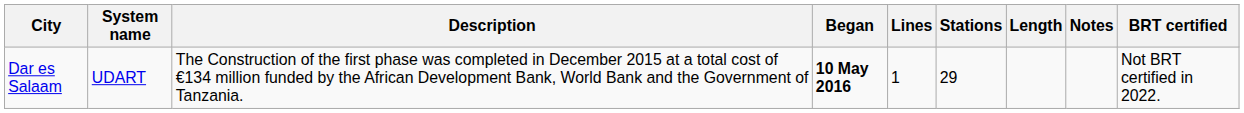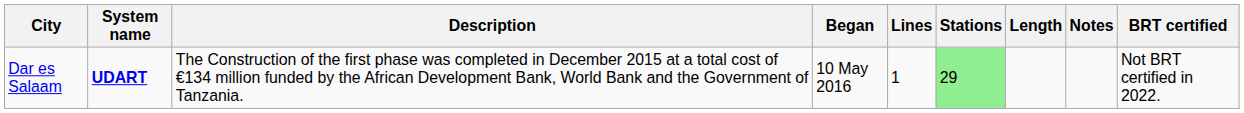 <table class="wikitable">
 <tr>
 <th>City</th>
 <th>System name</th>
 <th>Description</th>
 <th>Began</th>
 <th>Lines</th>
 <th>Stations</th>
 <th>Length</th>
 <th>Notes</th>
 <th>BRT certified</th>
 </tr>
 <tr>
 <td><a href='#'>Dar es Salaam</a></td>
-<td><a href='#'>UDART</a></td>
+<td><strong><a href='#'>UDART</a></strong></td>
 <td>The Construction of the first phase was completed in December 2015 at a total cost of €134 million funded by the African Development Bank, World Bank and the Government of Tanzania.</td>
-<td><strong>10 May 2016</strong></td>
+<td>10 May 2016</td>
 <td>1</td>
-<td>29</td>
+<td style="background: lightgreen;">29</td>
 <td></td>
 <td></td>
 <td>Not BRT certified in 2022.</td>
 </tr>
 </table>
